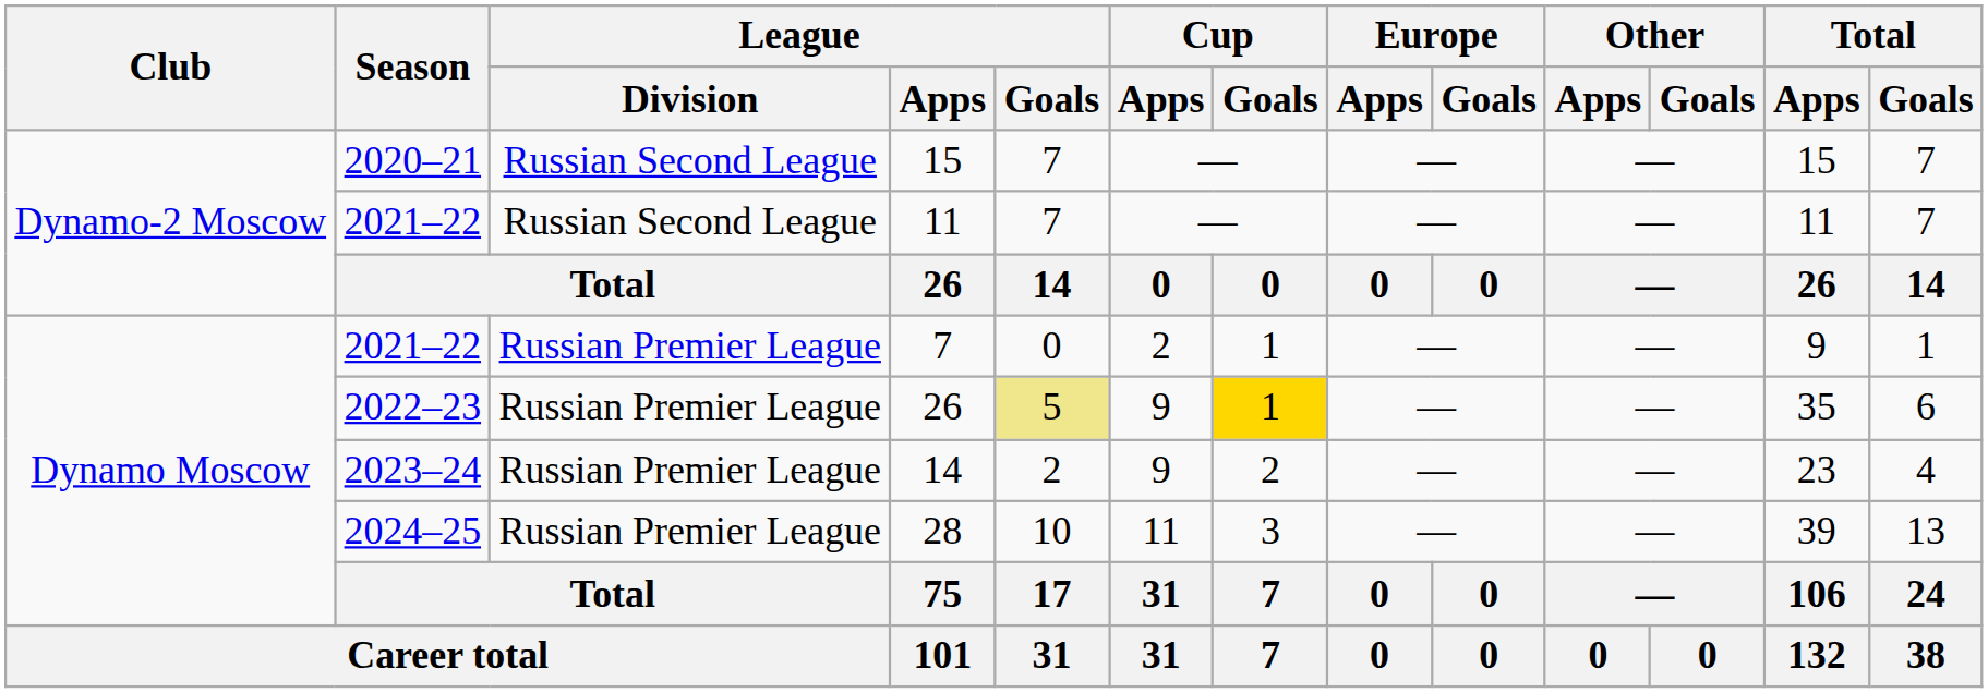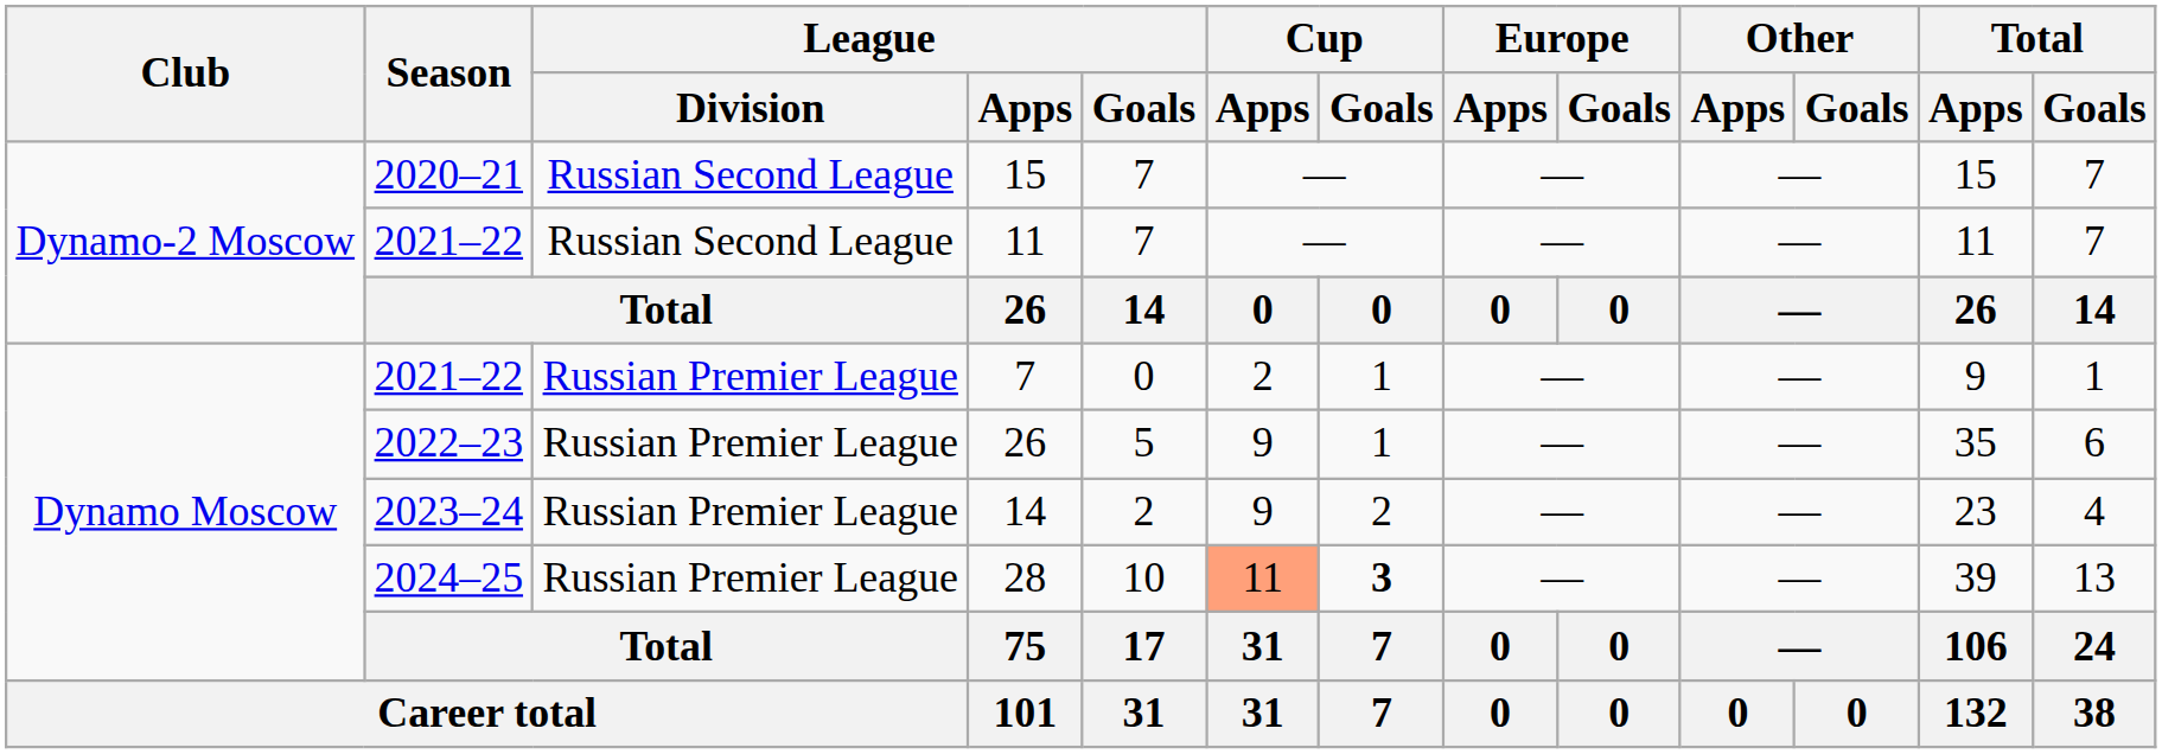 <table class="wikitable" style="text-align: center;">
 <tr>
 <th rowspan="2">Club</th>
 <th rowspan="2">Season</th>
 <th colspan="3">League</th>
 <th colspan="2">Cup</th>
 <th colspan="2">Europe</th>
 <th colspan="2">Other</th>
 <th colspan="2">Total</th>
 </tr>
 <tr>
 <th>Division</th>
 <th>Apps</th>
 <th>Goals</th>
 <th>Apps</th>
 <th>Goals</th>
 <th>Apps</th>
 <th>Goals</th>
 <th>Apps</th>
 <th>Goals</th>
 <th>Apps</th>
 <th>Goals</th>
 </tr>
 <tr>
 <td rowspan="3"><a href='#'>Dynamo-2 Moscow</a></td>
 <td><a href='#'>2020–21</a></td>
 <td><a href='#'>Russian Second League</a></td>
 <td>15</td>
 <td>7</td>
 <td colspan="2">—</td>
 <td colspan="2">—</td>
 <td colspan="2">—</td>
 <td>15</td>
 <td>7</td>
 </tr>
 <tr>
 <td><a href='#'>2021–22</a></td>
 <td>Russian Second League</td>
 <td>11</td>
 <td>7</td>
 <td colspan="2">—</td>
 <td colspan="2">—</td>
 <td colspan="2">—</td>
 <td>11</td>
 <td>7</td>
 </tr>
 <tr>
 <th colspan="2">Total</th>
 <th>26</th>
 <th>14</th>
 <th>0</th>
 <th>0</th>
 <th>0</th>
 <th>0</th>
 <th colspan="2">—</th>
 <th>26</th>
 <th>14</th>
 </tr>
 <tr>
 <td rowspan="5"><a href='#'>Dynamo Moscow</a></td>
 <td><a href='#'>2021–22</a></td>
 <td><a href='#'>Russian Premier League</a></td>
 <td>7</td>
 <td>0</td>
 <td>2</td>
 <td>1</td>
 <td colspan="2">—</td>
 <td colspan="2">—</td>
 <td>9</td>
 <td>1</td>
 </tr>
 <tr>
 <td><a href='#'>2022–23</a></td>
 <td>Russian Premier League</td>
 <td>26</td>
-<td style="background: khaki;">5</td>
+<td>5</td>
 <td>9</td>
-<td style="background: gold;">1</td>
+<td>1</td>
 <td colspan="2">—</td>
 <td colspan="2">—</td>
 <td>35</td>
 <td>6</td>
 </tr>
 <tr>
 <td><a href='#'>2023–24</a></td>
 <td>Russian Premier League</td>
 <td>14</td>
 <td>2</td>
 <td>9</td>
 <td>2</td>
 <td colspan="2">—</td>
 <td colspan="2">—</td>
 <td>23</td>
 <td>4</td>
 </tr>
 <tr>
 <td><a href='#'>2024–25</a></td>
 <td>Russian Premier League</td>
 <td>28</td>
 <td>10</td>
-<td>11</td>
-<td>3</td>
+<td style="background: lightsalmon;">11</td>
+<td><strong>3</strong></td>
 <td colspan="2">—</td>
 <td colspan="2">—</td>
 <td>39</td>
 <td>13</td>
 </tr>
 <tr>
 <th colspan="2">Total</th>
 <th>75</th>
 <th>17</th>
 <th>31</th>
 <th>7</th>
 <th>0</th>
 <th>0</th>
 <th colspan="2">—</th>
 <th>106</th>
 <th>24</th>
 </tr>
 <tr>
 <th colspan="3">Career total</th>
 <th>101</th>
 <th>31</th>
 <th>31</th>
 <th>7</th>
 <th>0</th>
 <th>0</th>
 <th>0</th>
 <th>0</th>
 <th>132</th>
 <th>38</th>
 </tr>
 </table>
